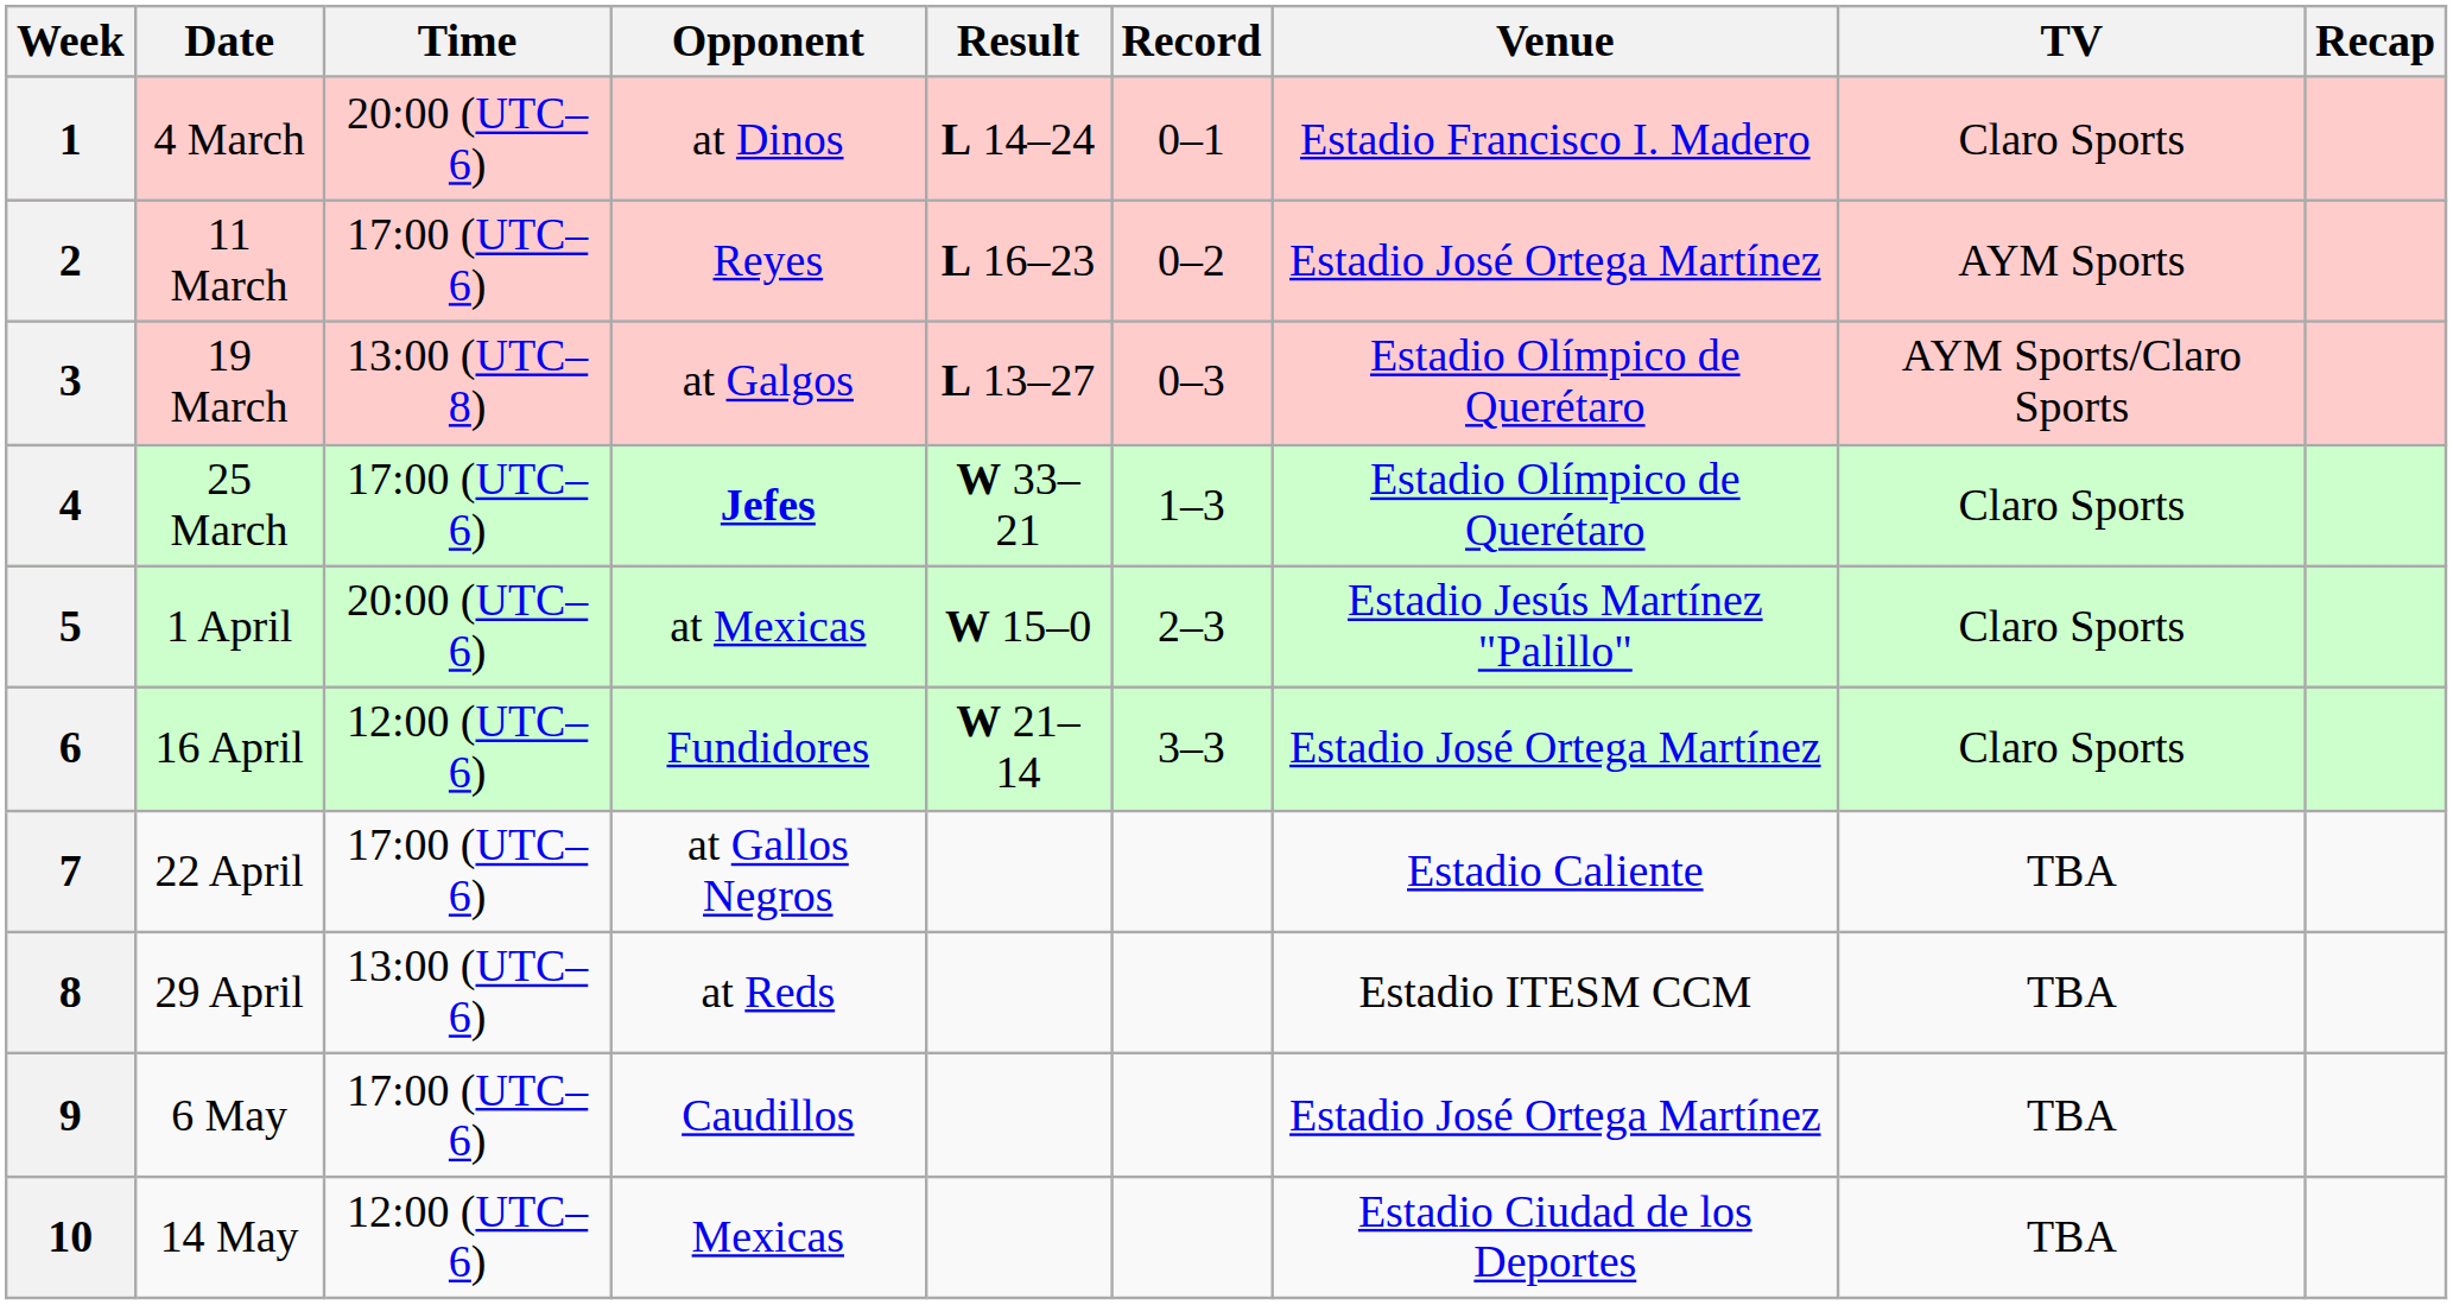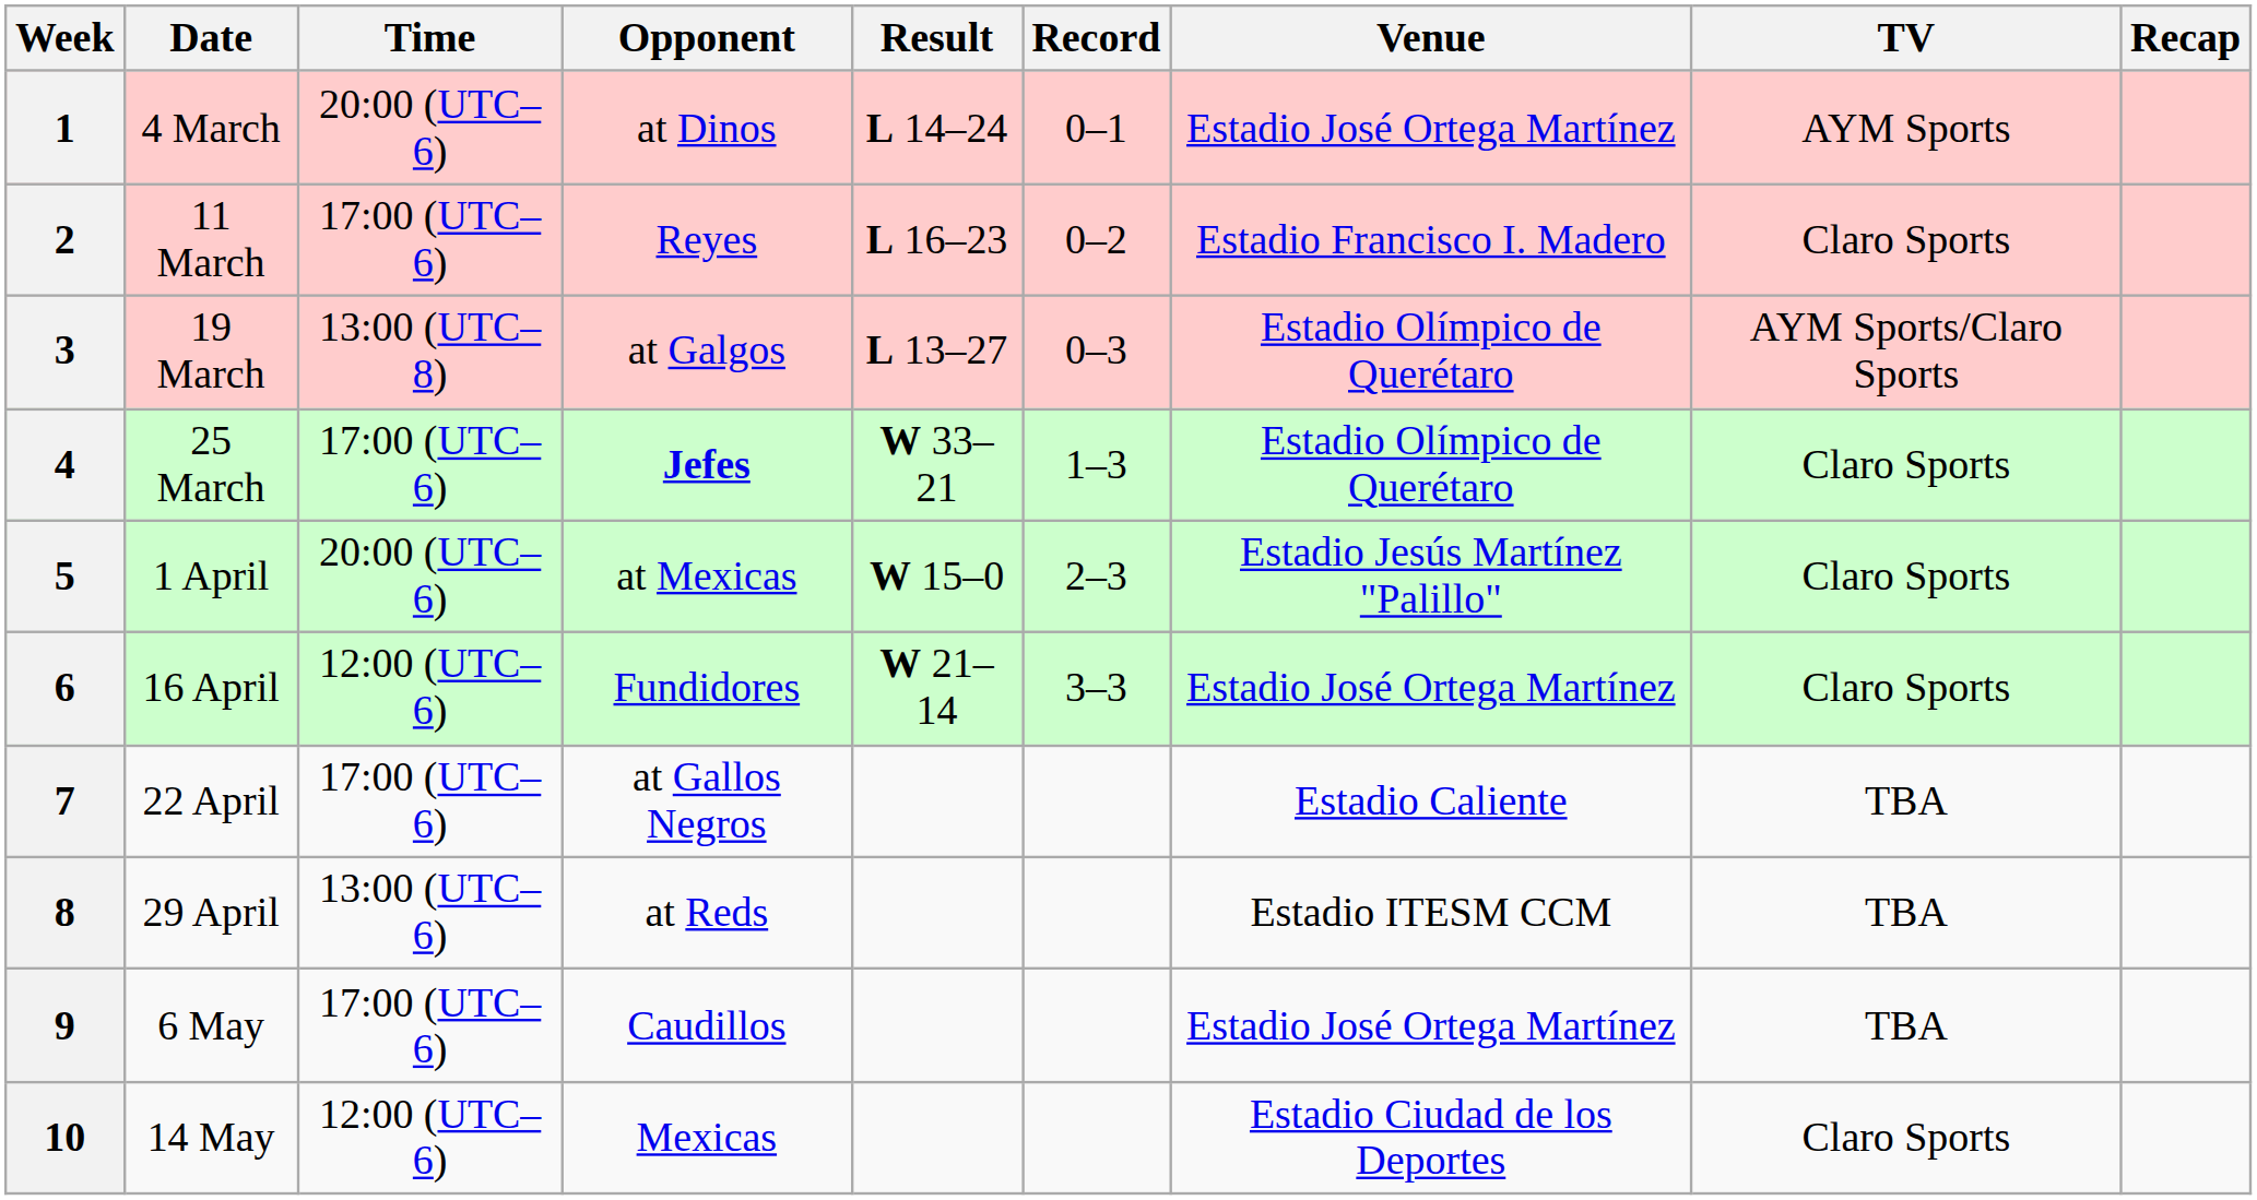 <table class="wikitable" style="text-align:center">
 <tr>
 <th>Week</th>
 <th>Date</th>
 <th>Time</th>
 <th>Opponent</th>
 <th>Result</th>
 <th>Record</th>
 <th>Venue</th>
 <th>TV</th>
 <th>Recap</th>
 </tr>
 <tr style="background:#fcc">
 <th>1</th>
 <td>4 March</td>
 <td>20:00 (<a href='#'>UTC–6</a>)</td>
 <td>at <a href='#'>Dinos</a></td>
 <td><strong>L</strong> 14–24</td>
 <td>0–1</td>
-<td><a href='#'>Estadio Francisco I. Madero</a></td>
-<td>Claro Sports</td>
+<td><a href='#'>Estadio José Ortega Martínez</a></td>
+<td>AYM Sports</td>
 <td></td>
 </tr>
 <tr style="background:#fcc">
 <th>2</th>
 <td>11 March</td>
 <td>17:00 (<a href='#'>UTC–6</a>)</td>
 <td><a href='#'>Reyes</a></td>
 <td><strong>L</strong> 16–23</td>
 <td>0–2</td>
-<td><a href='#'>Estadio José Ortega Martínez</a></td>
-<td>AYM Sports</td>
+<td><a href='#'>Estadio Francisco I. Madero</a></td>
+<td>Claro Sports</td>
 <td></td>
 </tr>
 <tr style="background:#fcc">
 <th>3</th>
 <td>19 March</td>
 <td>13:00 (<a href='#'>UTC–8</a>)</td>
 <td>at <a href='#'>Galgos</a></td>
 <td><strong>L</strong> 13–27</td>
 <td>0–3</td>
 <td><a href='#'>Estadio Olímpico de Querétaro</a></td>
 <td>AYM Sports/Claro Sports</td>
 <td></td>
 </tr>
 <tr style="background:#cfc">
 <th>4</th>
 <td>25 March</td>
 <td>17:00 (<a href='#'>UTC–6</a>)</td>
 <td><strong><a href='#'>Jefes</a></strong></td>
 <td><strong>W</strong> 33–21</td>
 <td>1–3</td>
 <td><a href='#'>Estadio Olímpico de Querétaro</a></td>
 <td>Claro Sports</td>
 <td></td>
 </tr>
 <tr style="background:#cfc">
 <th>5</th>
 <td>1 April</td>
 <td>20:00 (<a href='#'>UTC–6</a>)</td>
 <td>at <a href='#'>Mexicas</a></td>
 <td><strong>W</strong> 15–0</td>
 <td>2–3</td>
 <td><a href='#'>Estadio Jesús Martínez "Palillo"</a></td>
 <td>Claro Sports</td>
 <td></td>
 </tr>
 <tr style="background:#cfc">
 <th>6</th>
 <td>16 April</td>
 <td>12:00 (<a href='#'>UTC–6</a>)</td>
 <td><a href='#'>Fundidores</a></td>
 <td><strong>W</strong> 21–14</td>
 <td>3–3</td>
 <td><a href='#'>Estadio José Ortega Martínez</a></td>
 <td>Claro Sports</td>
 <td></td>
 </tr>
 <tr style="background:#">
 <th>7</th>
 <td>22 April</td>
 <td>17:00 (<a href='#'>UTC–6</a>)</td>
 <td>at <a href='#'>Gallos Negros</a></td>
 <td></td>
 <td></td>
 <td><a href='#'>Estadio Caliente</a></td>
 <td>TBA</td>
 <td></td>
 </tr>
 <tr style="background:#">
 <th>8</th>
 <td>29 April</td>
 <td>13:00 (<a href='#'>UTC–6</a>)</td>
 <td>at <a href='#'>Reds</a></td>
 <td></td>
 <td></td>
 <td>Estadio ITESM CCM</td>
 <td>TBA</td>
 <td></td>
 </tr>
 <tr style="background:#">
 <th>9</th>
 <td>6 May</td>
 <td>17:00 (<a href='#'>UTC–6</a>)</td>
 <td><a href='#'>Caudillos</a></td>
 <td></td>
 <td></td>
 <td><a href='#'>Estadio José Ortega Martínez</a></td>
 <td>TBA</td>
 <td></td>
 </tr>
 <tr style="background:#">
 <th>10</th>
 <td>14 May</td>
 <td>12:00 (<a href='#'>UTC–6</a>)</td>
 <td><a href='#'>Mexicas</a></td>
 <td></td>
 <td></td>
 <td><a href='#'>Estadio Ciudad de los Deportes</a></td>
-<td>TBA</td>
+<td>Claro Sports</td>
 <td></td>
 </tr>
 </table>
